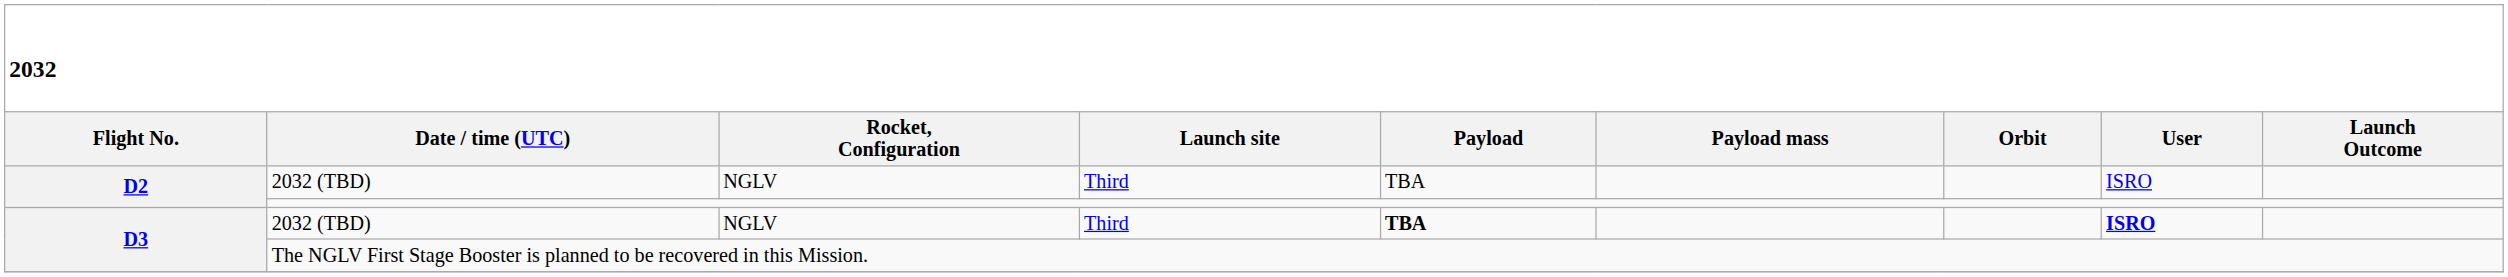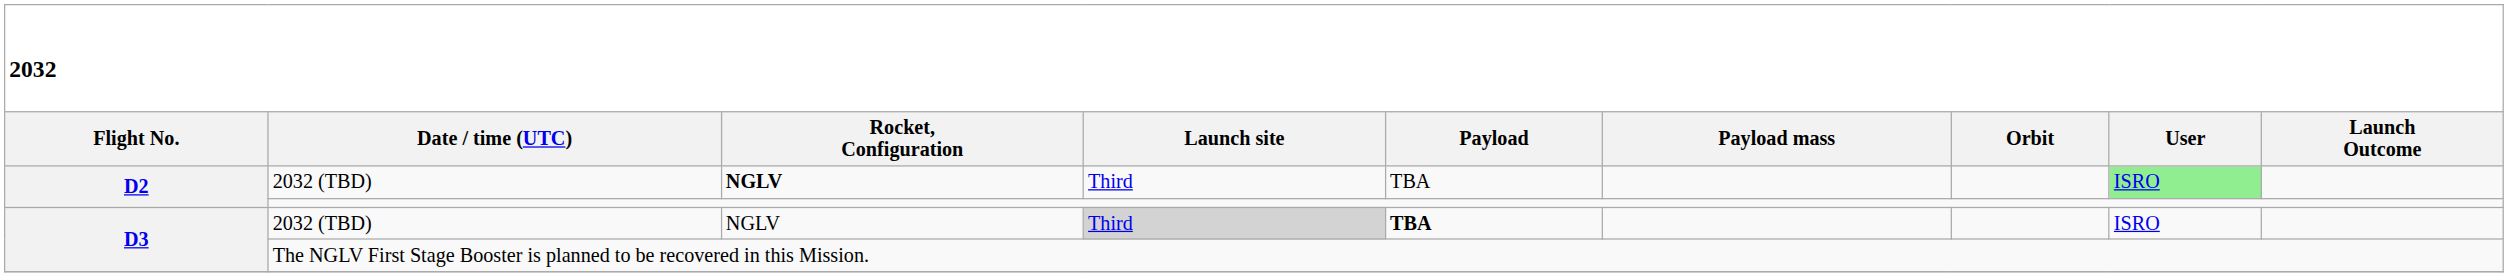 <table class="wikitable plainrowheaders" style="width: 100%;">
 <tr>
 <td colspan=9 style="background:white;"><br><h3>2032</h3></td>
 </tr>
 <tr>
 <th scope="col">Flight No.</th>
 <th scope="col">Date / time (<a href='#'>UTC</a>)</th>
 <th scope="col">Rocket,<br>Configuration</th>
 <th scope="col">Launch site</th>
 <th scope="col">Payload</th>
 <th scope="col">Payload mass</th>
 <th scope="col">Orbit</th>
 <th scope="col">User</th>
 <th scope="col">Launch<br>Outcome</th>
 </tr>
 <tr>
 <th scope="row" rowspan = 2 style="text-align:center;"><a href='#'>D2</a></th>
 <td>2032 (TBD)</td>
-<td>NGLV</td>
+<td><strong>NGLV</strong></td>
 <td><a href='#'>Third</a></td>
 <td> TBA</td>
 <td></td>
 <td></td>
-<td><a href='#'>ISRO</a></td>
+<td style="background: lightgreen;"><a href='#'>ISRO</a></td>
 <td></td>
 </tr>
 <tr>
 <td colspan="8"></td>
 </tr>
 <tr>
 <th scope="row" rowspan = 2 style="text-align:center;"><a href='#'>D3</a></th>
 <td>2032 (TBD)</td>
 <td>NGLV</td>
-<td><a href='#'>Third</a></td>
+<td style="background: lightgrey;"><a href='#'>Third</a></td>
 <td><strong> TBA</strong></td>
 <td></td>
 <td></td>
-<td><strong><a href='#'>ISRO</a></strong></td>
+<td><a href='#'>ISRO</a></td>
 <td></td>
 </tr>
 <tr>
 <td colspan="8">The NGLV First Stage Booster is planned to be recovered in this Mission.</td>
 </tr>
 <tr>
 </tr>
 </table>
